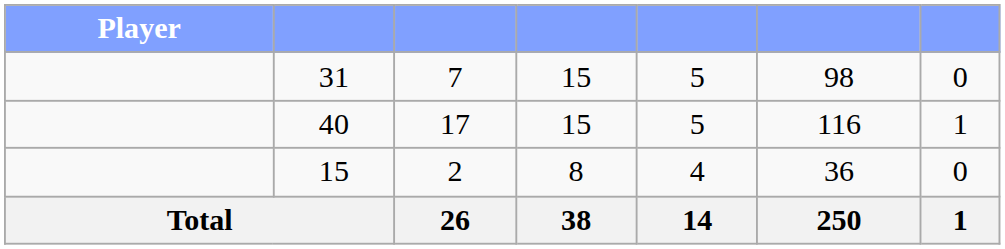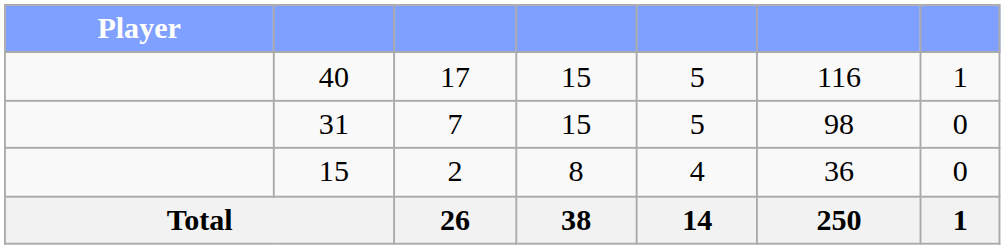 <table class="wikitable sortable" style="width:60%; text-align:center;">
 <tr>
 <th style="color:white; background:#80A0FF; ">Player</th>
 <th style="color:white; background:#80A0FF; "></th>
 <th style="color:white; background:#80A0FF; "></th>
 <th style="color:white; background:#80A0FF; "></th>
 <th style="color:white; background:#80A0FF; "></th>
 <th style="color:white; background:#80A0FF; "></th>
 <th style="color:white; background:#80A0FF; "></th>
 </tr>
 <tr>
 <td></td>
+<td>40</td>
+<td>17</td>
+<td>15</td>
+<td>5</td>
+<td>116</td>
+<td>1</td>
+</tr>
+<tr>
+<td></td>
 <td>31</td>
 <td>7</td>
 <td>15</td>
 <td>5</td>
 <td>98</td>
 <td>0</td>
-</tr>
-<tr>
-<td></td>
-<td>40</td>
-<td>17</td>
-<td>15</td>
-<td>5</td>
-<td>116</td>
-<td>1</td>
 </tr>
 <tr>
 <td></td>
 <td>15</td>
 <td>2</td>
 <td>8</td>
 <td>4</td>
 <td>36</td>
 <td>0</td>
 </tr>
 <tr class="sortbottom">
 <th colspan=2>Total</th>
 <th>26</th>
 <th>38</th>
 <th>14</th>
 <th>250</th>
 <th>1</th>
 </tr>
 </table>
